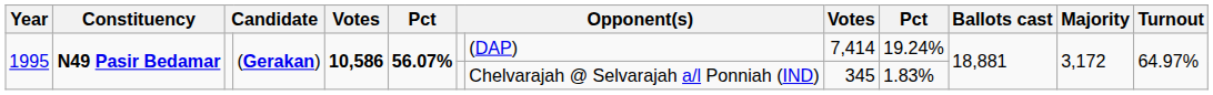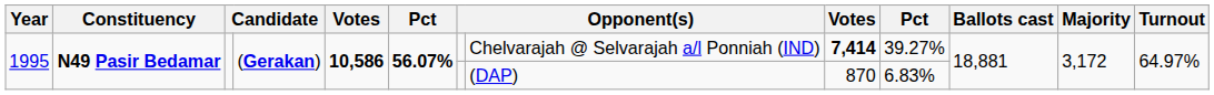 <table class="wikitable" style="margin:0.5em ; font-size:95%">
 <tr>
 <th>Year</th>
 <th>Constituency</th>
 <th colspan=2>Candidate</th>
 <th>Votes</th>
 <th>Pct</th>
 <th colspan=2>Opponent(s)</th>
 <th>Votes</th>
 <th>Pct</th>
 <th>Ballots cast</th>
 <th>Majority</th>
 <th>Turnout</th>
 </tr>
 <tr>
 <td rowspan=2><a href='#'>1995</a></td>
 <td rowspan=2><strong>N49 <a href='#'>Pasir Bedamar</a></strong></td>
 <td rowspan=2 ></td>
 <td rowspan=2> (<a href='#'><strong>Gerakan</strong></a>)</td>
 <td rowspan=2 align="right"><strong>10,586</strong></td>
 <td rowspan=2><strong>56.07%</strong></td>
 <td></td>
-<td> (<a href='#'>DAP</a>)</td>
-<td align="right">7,414</td>
-<td>19.24%</td>
+<td>Chelvarajah @ Selvarajah <a href='#'>a/l</a> Ponniah (<a href='#'>IND</a>)</td>
+<td align="right"><strong>7,414</strong></td>
+<td>39.27%</td>
 <td rowspan=2>18,881</td>
 <td rowspan=2>3,172</td>
 <td rowspan=2>64.97%</td>
 </tr>
 <tr>
 <td></td>
-<td>Chelvarajah @ Selvarajah <a href='#'>a/l</a> Ponniah (<a href='#'>IND</a>)</td>
-<td align="right">345</td>
-<td>1.83%</td>
+<td> (<a href='#'>DAP</a>)</td>
+<td align="right">870</td>
+<td>6.83%</td>
 </tr>
 </table>
